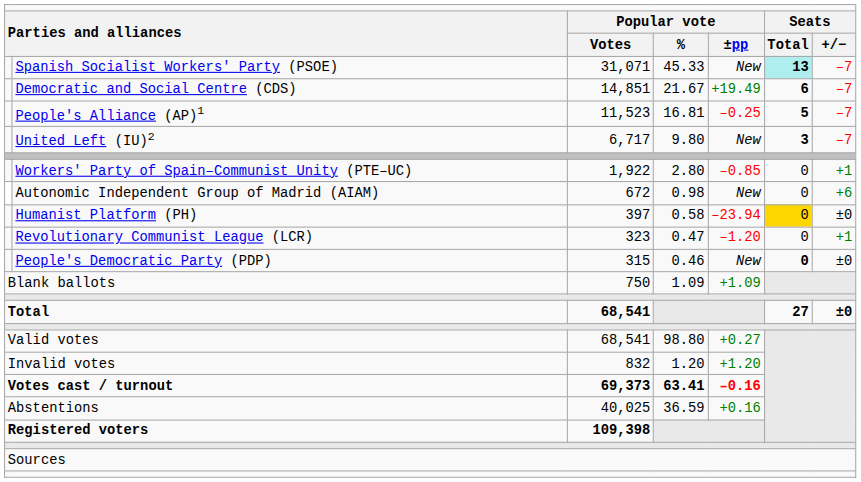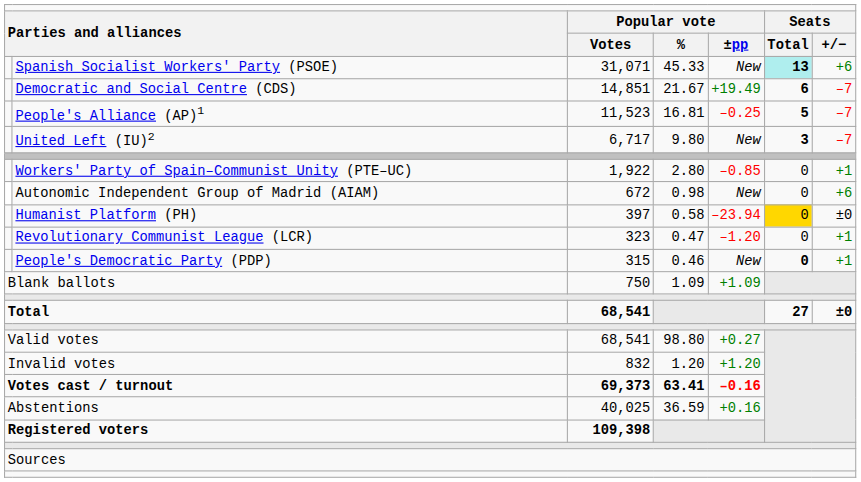 <table class="wikitable" style="text-align:right;">
 <tr>
 <td colspan="7"></td>
 </tr>
 <tr>
 <th style="text-align:left;" rowspan="2" colspan="2" width="525">Parties and alliances</th>
 <th colspan="3">Popular vote</th>
 <th colspan="2">Seats</th>
 </tr>
 <tr>
 <th width="75">Votes</th>
 <th width="45">%</th>
 <th width="45">±<a href='#'>pp</a></th>
 <th width="35">Total</th>
 <th width="35">+/−</th>
 </tr>
 <tr>
 <td width="1" style="color:inherit;background:"></td>
 <td align="left"><a href='#'>Spanish Socialist Workers' Party</a> (PSOE)</td>
 <td>31,071</td>
 <td>45.33</td>
 <td><em>New</em></td>
 <td style="background: paleturquoise;"><strong>13</strong></td>
-<td style="color:red;">–7</td>
+<td style="color:green;">+6</td>
 </tr>
 <tr>
 <td style="color:inherit;background:"></td>
 <td align="left"><a href='#'>Democratic and Social Centre</a> (CDS)</td>
 <td>14,851</td>
 <td>21.67</td>
 <td style="color:green;">+19.49</td>
 <td><strong>6</strong></td>
 <td style="color:red;">–7</td>
 </tr>
 <tr>
 <td style="color:inherit;background:"></td>
 <td align="left"><a href='#'>People's Alliance</a> (AP)<sup>1</sup></td>
 <td>11,523</td>
 <td>16.81</td>
 <td style="color:red;">–0.25</td>
 <td><strong>5</strong></td>
 <td style="color:red;">–7</td>
 </tr>
 <tr>
 <td style="color:inherit;background:"></td>
 <td align="left"><a href='#'>United Left</a> (IU)<sup>2</sup></td>
 <td>6,717</td>
 <td>9.80</td>
 <td><em>New</em></td>
 <td><strong>3</strong></td>
 <td style="color:red;">–7</td>
 </tr>
 <tr>
 <td colspan="7" bgcolor="#C0C0C0"></td>
 </tr>
 <tr>
 <td style="color:inherit;background:"></td>
 <td align="left"><a href='#'>Workers' Party of Spain–Communist Unity</a> (PTE–UC)</td>
 <td>1,922</td>
 <td>2.80</td>
 <td style="color:red;">–0.85</td>
 <td>0</td>
 <td style="color:green;">+1</td>
 </tr>
 <tr>
 <td bgcolor="white"></td>
 <td align="left">Autonomic Independent Group of Madrid (AIAM)</td>
 <td>672</td>
 <td>0.98</td>
 <td><em>New</em></td>
 <td>0</td>
 <td style="color:green;">+6</td>
 </tr>
 <tr>
 <td style="color:inherit;background:"></td>
 <td align="left"><a href='#'>Humanist Platform</a> (PH)</td>
 <td>397</td>
 <td>0.58</td>
 <td style="color:red;">–23.94</td>
 <td style="background: gold;">0</td>
 <td>±0</td>
 </tr>
 <tr>
 <td style="color:inherit;background:"></td>
 <td align="left"><a href='#'>Revolutionary Communist League</a> (LCR)</td>
 <td>323</td>
 <td>0.47</td>
 <td style="color:red;">–1.20</td>
 <td>0</td>
 <td style="color:green;">+1</td>
 </tr>
 <tr>
 <td style="color:inherit;background:"></td>
 <td align="left"><a href='#'>People's Democratic Party</a> (PDP)</td>
 <td>315</td>
 <td>0.46</td>
 <td><em>New</em></td>
 <td><strong>0</strong></td>
-<td>±0</td>
+<td style="color:green;">+1</td>
 </tr>
 <tr>
 <td align="left" colspan="2">Blank ballots</td>
 <td>750</td>
 <td>1.09</td>
 <td style="color:green;">+1.09</td>
 <td bgcolor="#E9E9E9" colspan="2"></td>
 </tr>
 <tr>
 <td colspan="7" bgcolor="#E9E9E9"></td>
 </tr>
 <tr style="font-weight:bold;">
 <td align="left" colspan="2">Total</td>
 <td>68,541</td>
 <td bgcolor="#E9E9E9" colspan="2"></td>
 <td>27</td>
 <td>±0</td>
 </tr>
 <tr>
 <td colspan="7" bgcolor="#E9E9E9"></td>
 </tr>
 <tr>
 <td align="left" colspan="2">Valid votes</td>
 <td>68,541</td>
 <td>98.80</td>
 <td style="color:green;">+0.27</td>
 <td bgcolor="#E9E9E9" colspan="2" rowspan="5"></td>
 </tr>
 <tr>
 <td align="left" colspan="2">Invalid votes</td>
 <td>832</td>
 <td>1.20</td>
 <td style="color:green;">+1.20</td>
 </tr>
 <tr style="font-weight:bold;">
 <td align="left" colspan="2">Votes cast / turnout</td>
 <td>69,373</td>
 <td>63.41</td>
 <td style="color:red;">–0.16</td>
 </tr>
 <tr>
 <td align="left" colspan="2">Abstentions</td>
 <td>40,025</td>
 <td>36.59</td>
 <td style="color:green;">+0.16</td>
 </tr>
 <tr style="font-weight:bold;">
 <td align="left" colspan="2">Registered voters</td>
 <td>109,398</td>
 <td bgcolor="#E9E9E9" colspan="2"></td>
 </tr>
 <tr>
 <td colspan="7" bgcolor="#E9E9E9"></td>
 </tr>
 <tr>
 <td align="left" colspan="7">Sources</td>
 </tr>
 <tr>
 <td colspan="7" style="text-align:left; max-width:790px;"></td>
 </tr>
 </table>
